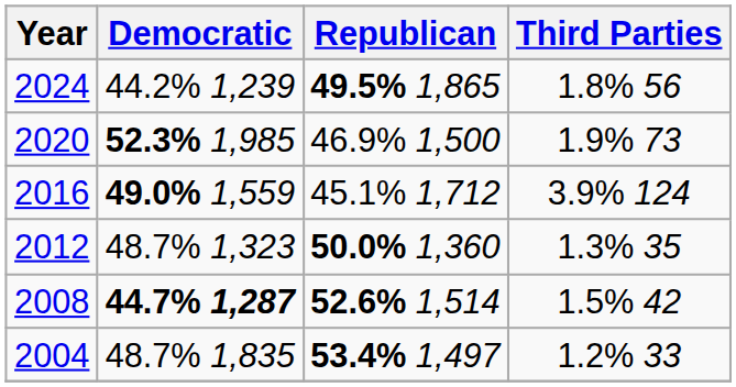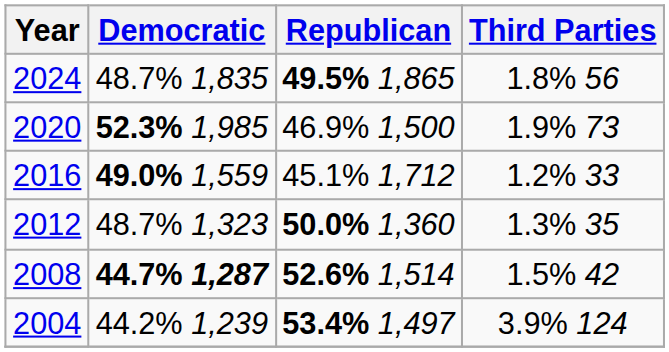 <table class="wikitable" style="float:right; margin:1em; font-size:95%;">
 <tr style="background:lightgrey;">
 <th>Year</th>
 <th><a href='#'>Democratic</a></th>
 <th><a href='#'>Republican</a></th>
 <th><a href='#'>Third Parties</a></th>
 </tr>
 <tr>
 <td align="center" ><a href='#'>2024</a></td>
-<td align="center" >44.2% <em>1,239</em></td>
+<td align="center" >48.7% <em>1,835</em></td>
 <td align="center" ><strong>49.5%</strong> <em>1,865</em></td>
 <td align="center" >1.8% <em>56</em></td>
 </tr>
 <tr>
 <td align="center" ><a href='#'>2020</a></td>
 <td align="center" ><strong>52.3%</strong> <em>1,985</em></td>
 <td align="center" >46.9% <em>1,500</em></td>
 <td align="center" >1.9% <em>73</em></td>
 </tr>
 <tr>
 <td align="center" ><a href='#'>2016</a></td>
 <td align="center" ><strong>49.0%</strong> <em>1,559</em></td>
 <td align="center" >45.1% <em>1,712</em></td>
-<td align="center" >3.9% <em>124</em></td>
+<td align="center" >1.2% <em>33</em></td>
 </tr>
 <tr>
 <td align="center" ><a href='#'>2012</a></td>
 <td align="center" >48.7% <em>1,323</em></td>
 <td align="center" ><strong>50.0%</strong> <em>1,360</em></td>
 <td align="center" >1.3% <em>35</em></td>
 </tr>
 <tr>
 <td align="center" ><a href='#'>2008</a></td>
 <td align="center" ><strong>44.7% <em>1,287</em></strong></td>
 <td align="center" ><strong>52.6%</strong> <em>1,514</em></td>
 <td align="center" >1.5% <em>42</em></td>
 </tr>
 <tr>
 <td align="center" ><a href='#'>2004</a></td>
-<td align="center" >48.7% <em>1,835</em></td>
+<td align="center" >44.2% <em>1,239</em></td>
 <td align="center" ><strong>53.4%</strong> <em>1,497</em></td>
-<td align="center" >1.2% <em>33</em></td>
+<td align="center" >3.9% <em>124</em></td>
 </tr>
 <tr>
 </tr>
 </table>
